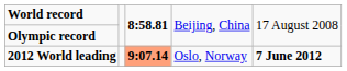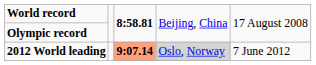 <table class="wikitable">
 <tr>
 <td><strong>World record</strong></td>
 <td rowspan=2></td>
 <td rowspan=2><strong>8:58.81</strong></td>
 <td rowspan=2><a href='#'>Beijing</a>, <a href='#'>China</a></td>
 <td rowspan=2>17 August 2008</td>
 </tr>
 <tr>
 <td><strong>Olympic record</strong></td>
 </tr>
 <tr>
 <td><strong>2012 World leading</strong></td>
 <td></td>
 <td style="background: lightsalmon;"><strong>9:07.14</strong></td>
-<td><a href='#'>Oslo</a>, <a href='#'>Norway</a></td>
-<td><strong>7 June 2012</strong></td>
+<td style="background: lightgrey;"><a href='#'>Oslo</a>, <a href='#'>Norway</a></td>
+<td>7 June 2012</td>
 </tr>
 </table>
